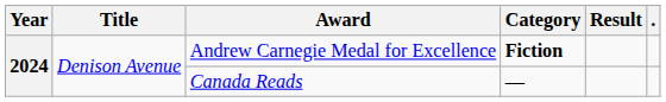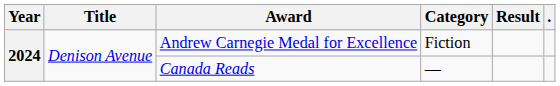 <table class="wikitable sortable">
 <tr>
 <th>Year</th>
 <th>Title</th>
 <th>Award</th>
 <th>Category</th>
 <th>Result</th>
 <th>.</th>
 </tr>
 <tr>
 <th rowspan="2">2024</th>
 <td rowspan="2"><em><a href='#'>Denison Avenue</a></em></td>
 <td><a href='#'>Andrew Carnegie Medal for Excellence</a></td>
-<td><strong>Fiction</strong></td>
+<td>Fiction</td>
 <td></td>
 <td></td>
 </tr>
 <tr>
 <td><em><a href='#'>Canada Reads</a></em></td>
 <td>—</td>
 <td></td>
 <td></td>
 </tr>
 </table>
